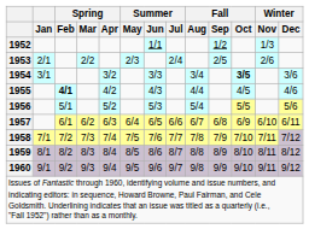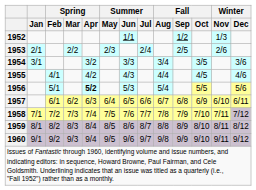 <table class="wikitable" style="font-size: 10pt; line-height: 11pt; margin-left: 2em; text-align: center; float: right">
 <tr>
 <th></th>
 <th></th>
 <th colspan="3">Spring</th>
 <th colspan="3">Summer</th>
 <th colspan="3">Fall</th>
 <th colspan="2">Winter</th>
 </tr>
 <tr>
 <th></th>
 <th>Jan</th>
 <th>Feb</th>
 <th>Mar</th>
 <th>Apr</th>
 <th>May</th>
 <th>Jun</th>
 <th>Jul</th>
 <th>Aug</th>
 <th>Sep</th>
 <th>Oct</th>
 <th>Nov</th>
 <th>Dec</th>
 </tr>
 <tr>
 <th>1952</th>
 <td></td>
 <td></td>
 <td></td>
 <td></td>
 <td></td>
 <td bgcolor=#ccffff><u>1/1</u></td>
 <td></td>
 <td></td>
 <td bgcolor=#ccffff><u>1/2</u></td>
 <td></td>
 <td bgcolor=#ccffff>1/3</td>
 <td></td>
 </tr>
 <tr>
 <th>1953</th>
 <td bgcolor=#ccffff>2/1</td>
 <td></td>
 <td bgcolor=#ccffff>2/2</td>
 <td></td>
 <td bgcolor=#ccffff>2/3</td>
 <td></td>
 <td bgcolor=#ccffff>2/4</td>
 <td></td>
 <td bgcolor=#ccffff>2/5</td>
 <td></td>
 <td bgcolor=#ccffff>2/6</td>
 <td></td>
 </tr>
 <tr>
 <th>1954</th>
 <td bgcolor=#ccffff>3/1</td>
 <td></td>
 <td></td>
 <td bgcolor=#ccffff>3/2</td>
 <td></td>
 <td bgcolor=#ccffff>3/3</td>
 <td></td>
 <td bgcolor=#ccffff>3/4</td>
 <td></td>
-<td bgcolor=#ccffff><strong>3/5</strong></td>
+<td bgcolor=#ccffff>3/5</td>
 <td></td>
 <td bgcolor=#ccffff>3/6</td>
 </tr>
 <tr>
 <th>1955</th>
 <td></td>
-<td bgcolor=#ccffff><strong>4/1</strong></td>
+<td bgcolor=#ccffff>4/1</td>
 <td></td>
 <td bgcolor=#ccffff>4/2</td>
 <td></td>
 <td bgcolor=#ccffff>4/3</td>
 <td></td>
 <td bgcolor=#ccffff>4/4</td>
 <td></td>
 <td bgcolor=#ccffff>4/5</td>
 <td></td>
 <td bgcolor=#ccffff>4/6</td>
 </tr>
 <tr>
 <th>1956</th>
 <td></td>
 <td bgcolor=#ccffff>5/1</td>
 <td></td>
-<td bgcolor=#ccffff>5/2</td>
+<td bgcolor=#ccffff><strong>5/2</strong></td>
 <td></td>
 <td bgcolor=#ccffff>5/3</td>
 <td></td>
 <td bgcolor=#ccffff>5/4</td>
 <td></td>
 <td bgcolor=#ffff99>5/5</td>
 <td></td>
 <td bgcolor=#ffff99>5/6</td>
 </tr>
 <tr>
 <th>1957</th>
 <td></td>
 <td bgcolor=#ffff99>6/1</td>
 <td bgcolor=#ffff99>6/2</td>
 <td bgcolor=#ffff99>6/3</td>
 <td bgcolor=#ffff99>6/4</td>
 <td bgcolor=#ffff99>6/5</td>
 <td bgcolor=#ffff99>6/6</td>
 <td bgcolor=#ffff99>6/7</td>
 <td bgcolor=#ffff99>6/8</td>
 <td bgcolor=#ffff99>6/9</td>
 <td bgcolor=#ffff99>6/10</td>
 <td bgcolor=#ffff99>6/11</td>
 </tr>
 <tr>
 <th>1958</th>
 <td bgcolor=#ffff99>7/1</td>
 <td bgcolor=#ffff99>7/2</td>
 <td bgcolor=#ffff99>7/3</td>
 <td bgcolor=#ffff99>7/4</td>
 <td bgcolor=#ffff99>7/5</td>
 <td bgcolor=#ffff99>7/6</td>
 <td bgcolor=#ffff99>7/7</td>
 <td bgcolor=#ffff99>7/8</td>
 <td bgcolor=#ffff99>7/9</td>
 <td bgcolor=#ffff99>7/10</td>
 <td bgcolor=#ffff99>7/11</td>
 <td bgcolor=#ccc0d0>7/12</td>
 </tr>
 <tr>
 <th>1959</th>
 <td bgcolor=#ccc0d0>8/1</td>
 <td bgcolor=#ccc0d0>8/2</td>
 <td bgcolor=#ccc0d0>8/3</td>
 <td bgcolor=#ccc0d0>8/4</td>
 <td bgcolor=#ccc0d0>8/5</td>
 <td bgcolor=#ccc0d0>8/6</td>
 <td bgcolor=#ccc0d0>8/7</td>
 <td bgcolor=#ccc0d0>8/8</td>
 <td bgcolor=#ccc0d0>8/9</td>
 <td bgcolor=#ccc0d0>8/10</td>
 <td bgcolor=#ccc0d0>8/11</td>
 <td bgcolor=#ccc0d0>8/12</td>
 </tr>
 <tr>
 <th>1960</th>
 <td bgcolor=#ccc0d0>9/1</td>
 <td bgcolor=#ccc0d0>9/2</td>
 <td bgcolor=#ccc0d0>9/3</td>
 <td bgcolor=#ccc0d0>9/4</td>
 <td bgcolor=#ccc0d0>9/5</td>
 <td bgcolor=#ccc0d0>9/6</td>
 <td bgcolor=#ccc0d0>9/7</td>
 <td bgcolor=#ccc0d0>9/8</td>
 <td bgcolor=#ccc0d0>9/9</td>
 <td bgcolor=#ccc0d0>9/10</td>
 <td bgcolor=#ccc0d0>9/11</td>
 <td bgcolor=#ccc0d0>9/12</td>
 </tr>
 <tr>
 <td colspan="13" style="font-size: 8pt; text-align:left">Issues of <em>Fantastic</em> through 1960, identifying volume and issue numbers, and<br>indicating editors: in sequence, Howard Browne, Paul Fairman, and Cele<br>Goldsmith.  Underlining indicates that an issue was titled as a quarterly (i.e.,<br>"Fall 1952") rather than as a monthly.</td>
 </tr>
 </table>
